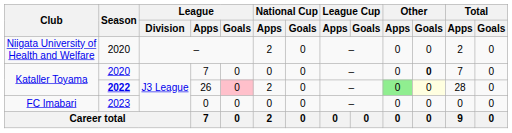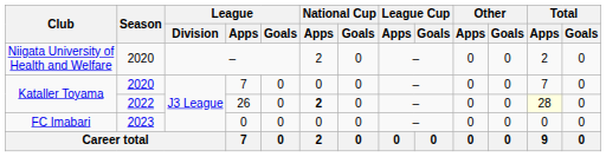 <table class="wikitable" style="text-align: center">
 <tr>
 <th rowspan="2">Club</th>
 <th rowspan="2">Season</th>
 <th colspan="3">League</th>
 <th colspan="2">National Cup</th>
 <th colspan="2">League Cup</th>
 <th colspan="2">Other</th>
 <th colspan="2">Total</th>
 </tr>
 <tr>
 <th>Division</th>
 <th>Apps</th>
 <th>Goals</th>
 <th>Apps</th>
 <th>Goals</th>
 <th>Apps</th>
 <th>Goals</th>
 <th>Apps</th>
 <th>Goals</th>
 <th>Apps</th>
 <th>Goals</th>
 </tr>
 <tr>
 <td><a href='#'>Niigata University of<br>Health and Welfare</a></td>
 <td>2020</td>
 <td colspan="3">–</td>
 <td>2</td>
 <td>0</td>
 <td colspan="2">–</td>
 <td>0</td>
 <td>0</td>
 <td>2</td>
 <td>0</td>
 </tr>
 <tr>
 <td rowspan="2"><a href='#'>Kataller Toyama</a></td>
 <td><a href='#'>2020</a></td>
 <td rowspan="3"><a href='#'>J3 League</a></td>
 <td>7</td>
 <td>0</td>
 <td>0</td>
 <td>0</td>
 <td colspan="2">–</td>
 <td>0</td>
-<td><strong>0</strong></td>
+<td>0</td>
 <td>7</td>
 <td>0</td>
 </tr>
 <tr>
-<td><strong><a href='#'>2022</a></strong></td>
+<td><a href='#'>2022</a></td>
 <td>26</td>
-<td style="background: pink;">0</td>
-<td>2</td>
+<td>0</td>
+<td><strong>2</strong></td>
 <td>0</td>
 <td colspan="2">–</td>
-<td style="background: lightgreen;">0</td>
-<td style="background: lightyellow;">0</td>
-<td>28</td>
+<td>0</td>
+<td>0</td>
+<td style="background: lightyellow;">28</td>
 <td>0</td>
 </tr>
 <tr>
 <td><a href='#'>FC Imabari</a></td>
 <td><a href='#'>2023</a></td>
 <td>0</td>
 <td>0</td>
 <td>0</td>
 <td>0</td>
 <td colspan="2">–</td>
 <td>0</td>
 <td>0</td>
 <td>0</td>
 <td>0</td>
 </tr>
 <tr>
 <th colspan=3>Career total</th>
 <th>7</th>
 <th>0</th>
 <th>2</th>
 <th>0</th>
 <th>0</th>
 <th>0</th>
 <th>0</th>
 <th>0</th>
 <th>9</th>
 <th>0</th>
 </tr>
 </table>
